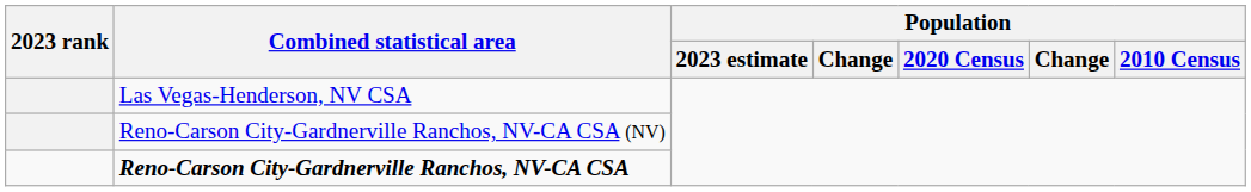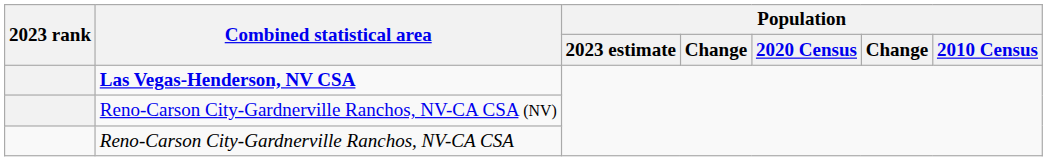 <table class="wikitable sortable">
 <tr>
 <th scope=col rowspan=2>2023 rank</th>
 <th scope=col rowspan=2><a href='#'>Combined statistical area</a></th>
 <th colspan=5>Population</th>
 </tr>
 <tr>
 <th scope=col>2023 estimate</th>
 <th scope=col>Change</th>
 <th scope=col><a href='#'>2020 Census</a></th>
 <th scope=col>Change</th>
 <th scope=col><a href='#'>2010 Census</a></th>
 </tr>
 <tr>
 <th scope=row></th>
-<td><a href='#'>Las Vegas-Henderson, NV CSA</a><br></td>
+<td><strong><a href='#'>Las Vegas-Henderson, NV CSA</a><br></strong></td>
 </tr>
 <tr>
 <th scope=row></th>
 <td><a href='#'>Reno-Carson City-Gardnerville Ranchos, NV-CA CSA</a> <small>(NV)</small><br></td>
 </tr>
 <tr>
 <td></td>
-<td><strong><em><span>Reno-Carson City-Gardnerville Ranchos, NV-CA CSA</span></em><br></strong></td>
+<td><em><span>Reno-Carson City-Gardnerville Ranchos, NV-CA CSA</span></em><br></td>
 </tr>
 </table>
